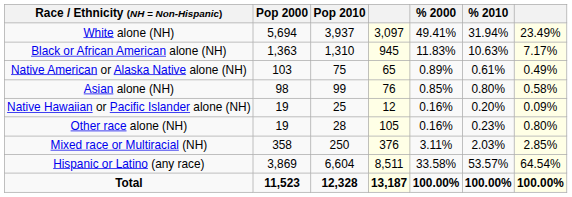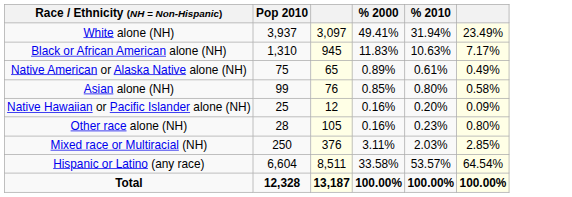 <table class="wikitable" style="text-align:center;">
 <tr>
 <th>Race / Ethnicity <small>(<em>NH = Non-Hispanic</em>)</small></th>
-<th>Pop 2000</th>
 <th>Pop 2010</th>
 <th></th>
 <th>% 2000</th>
 <th>% 2010</th>
 <th></th>
 </tr>
 <tr>
 <td><a href='#'>White</a> alone (NH)</td>
-<td>5,694</td>
 <td>3,937</td>
 <td style='background: #ffffe6;'>3,097</td>
 <td>49.41%</td>
 <td>31.94%</td>
 <td style='background: #ffffe6;'>23.49%</td>
 </tr>
 <tr>
 <td><a href='#'>Black or African American</a> alone (NH)</td>
-<td>1,363</td>
 <td>1,310</td>
 <td style='background: #ffffe6;'>945</td>
 <td>11.83%</td>
 <td>10.63%</td>
 <td style='background: #ffffe6;'>7.17%</td>
 </tr>
 <tr>
 <td><a href='#'>Native American</a> or <a href='#'>Alaska Native</a> alone (NH)</td>
-<td>103</td>
 <td>75</td>
 <td style='background: #ffffe6;'>65</td>
 <td>0.89%</td>
 <td>0.61%</td>
 <td style='background: #ffffe6;'>0.49%</td>
 </tr>
 <tr>
 <td><a href='#'>Asian</a> alone (NH)</td>
-<td>98</td>
 <td>99</td>
 <td style='background: #ffffe6;'>76</td>
 <td>0.85%</td>
 <td>0.80%</td>
 <td style='background: #ffffe6;'>0.58%</td>
 </tr>
 <tr>
 <td><a href='#'>Native Hawaiian</a> or <a href='#'>Pacific Islander</a> alone (NH)</td>
-<td>19</td>
 <td>25</td>
 <td style='background: #ffffe6;'>12</td>
 <td>0.16%</td>
 <td>0.20%</td>
 <td style='background: #ffffe6;'>0.09%</td>
 </tr>
 <tr>
 <td><a href='#'>Other race</a> alone (NH)</td>
-<td>19</td>
 <td>28</td>
 <td style='background: #ffffe6;'>105</td>
 <td>0.16%</td>
 <td>0.23%</td>
 <td style='background: #ffffe6;'>0.80%</td>
 </tr>
 <tr>
 <td><a href='#'>Mixed race or Multiracial</a> (NH)</td>
-<td>358</td>
 <td>250</td>
 <td style='background: #ffffe6;'>376</td>
 <td>3.11%</td>
 <td>2.03%</td>
 <td style='background: #ffffe6;'>2.85%</td>
 </tr>
 <tr>
 <td><a href='#'>Hispanic or Latino</a> (any race)</td>
-<td>3,869</td>
 <td>6,604</td>
 <td style='background: #ffffe6;'>8,511</td>
 <td>33.58%</td>
 <td>53.57%</td>
 <td style='background: #ffffe6;'>64.54%</td>
 </tr>
 <tr>
 <td><strong>Total</strong></td>
-<td><strong>11,523</strong></td>
 <td><strong>12,328</strong></td>
 <td style='background: #ffffe6;'><strong>13,187</strong></td>
 <td><strong>100.00%</strong></td>
 <td><strong>100.00%</strong></td>
 <td style='background: #ffffe6;'><strong>100.00%</strong></td>
 </tr>
 </table>
